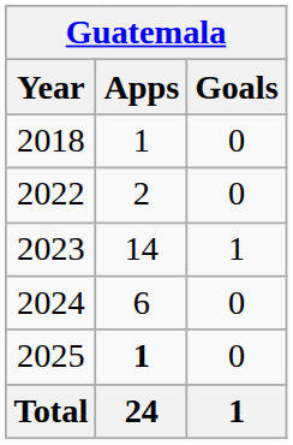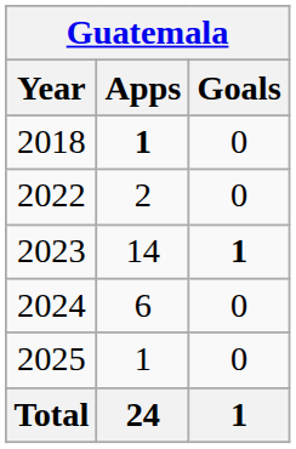 <table class="wikitable" style="text-align:center">
 <tr>
 <th colspan=5><a href='#'>Guatemala</a></th>
 </tr>
 <tr>
 <th>Year</th>
 <th>Apps</th>
 <th>Goals</th>
 </tr>
 <tr>
 <td>2018</td>
-<td>1</td>
+<td><strong>1</strong></td>
 <td>0</td>
 </tr>
 <tr>
 <td>2022</td>
 <td>2</td>
 <td>0</td>
 </tr>
 <tr>
 <td>2023</td>
 <td>14</td>
-<td>1</td>
+<td><strong>1</strong></td>
 </tr>
 <tr>
 <td>2024</td>
 <td>6</td>
 <td>0</td>
 </tr>
 <tr>
 <td>2025</td>
-<td><strong>1</strong></td>
+<td>1</td>
 <td>0</td>
 </tr>
 <tr>
 <th>Total</th>
 <th>24</th>
 <th>1</th>
 </tr>
 </table>
